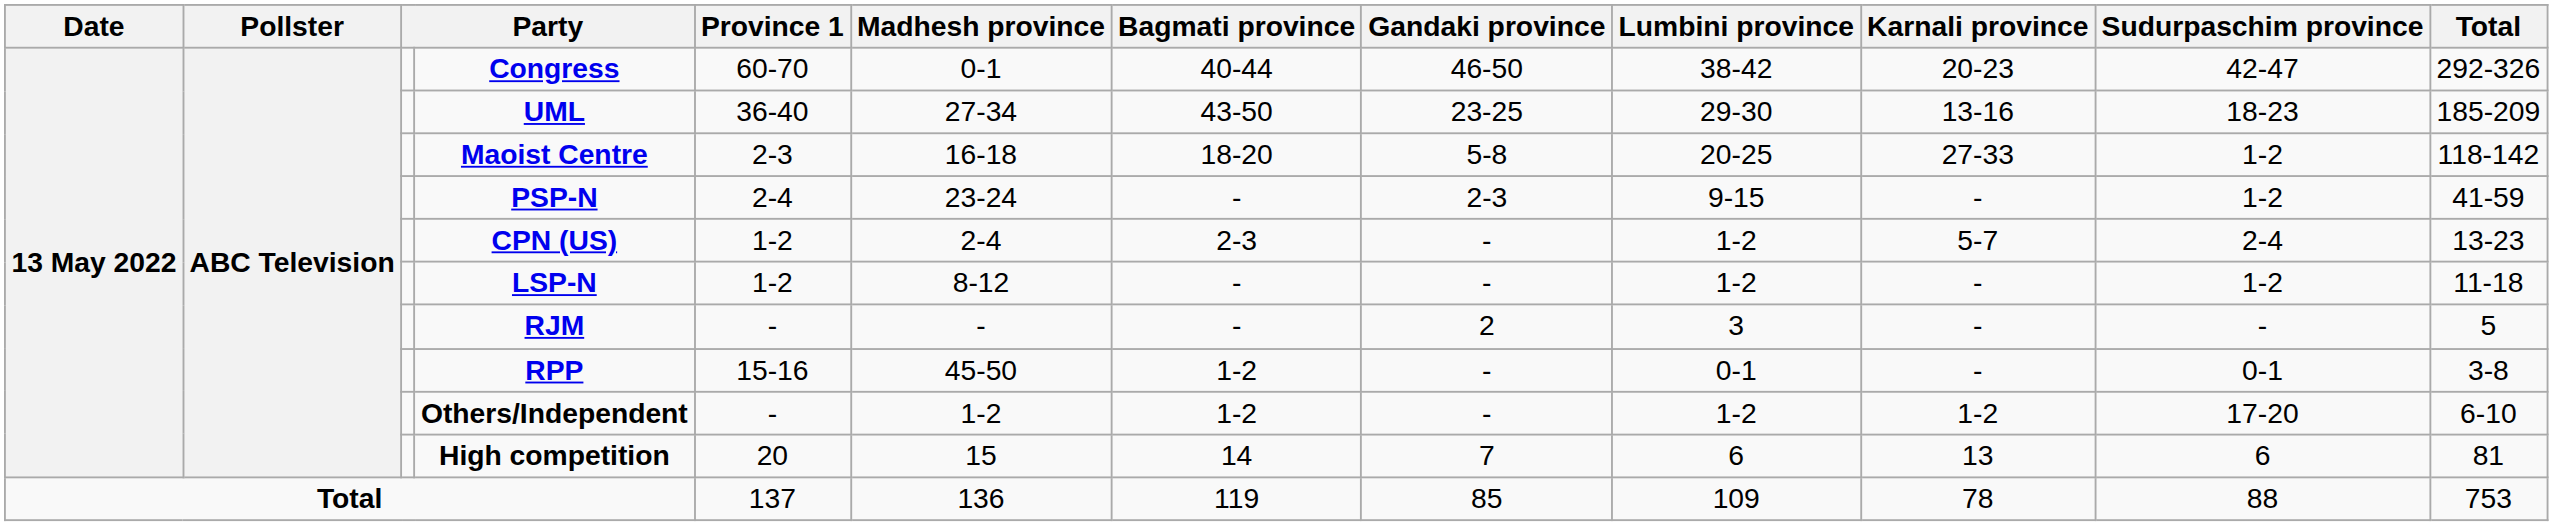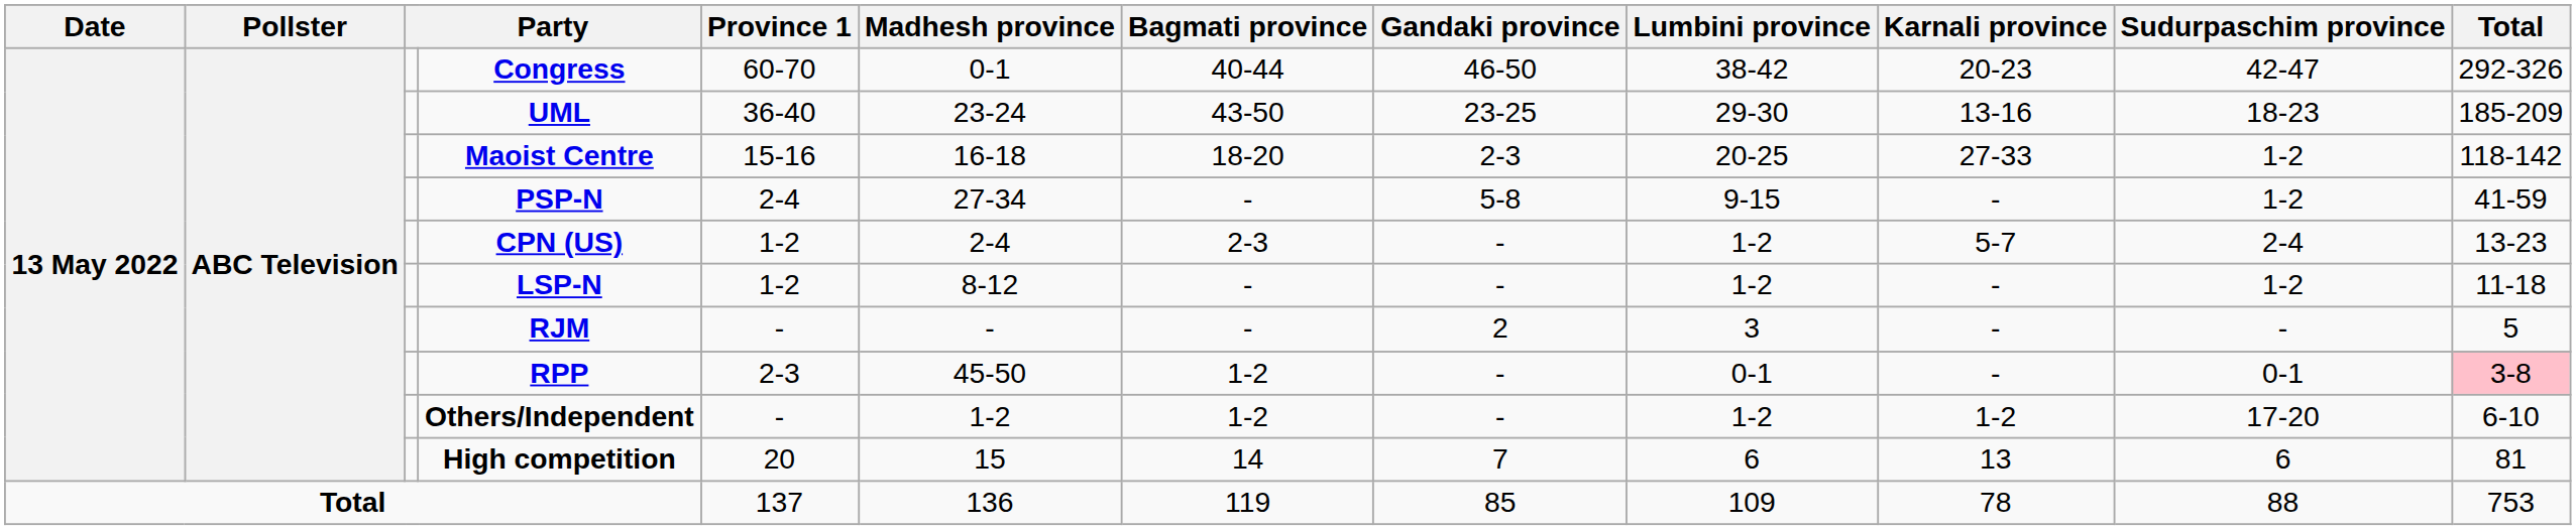 <table class="wikitable sortable" style="text-align:center;font-size:95%;line-height:16px">
 <tr>
 <th>Date</th>
 <th>Pollster</th>
 <th colspan="2">Party</th>
 <th>Province 1</th>
 <th>Madhesh province</th>
 <th>Bagmati province</th>
 <th>Gandaki province</th>
 <th>Lumbini province</th>
 <th>Karnali province</th>
 <th>Sudurpaschim province</th>
 <th>Total</th>
 </tr>
 <tr>
 <th rowspan="10">13 May 2022</th>
 <th rowspan="10">ABC Television</th>
 <td style="background-color:"></td>
 <td><strong><a href='#'>Congress</a></strong></td>
 <td>60-70</td>
 <td>0-1</td>
 <td>40-44</td>
 <td>46-50</td>
 <td>38-42</td>
 <td>20-23</td>
 <td>42-47</td>
 <td>292-326</td>
 </tr>
 <tr>
 <td style="background-color:"></td>
 <td><strong><a href='#'>UML</a></strong></td>
 <td>36-40</td>
-<td>27-34</td>
+<td>23-24</td>
 <td>43-50</td>
 <td>23-25</td>
 <td>29-30</td>
 <td>13-16</td>
 <td>18-23</td>
 <td>185-209</td>
 </tr>
 <tr>
 <td style="background-color:"></td>
 <td><a href='#'><strong>Maoist Centre</strong></a></td>
-<td>2-3</td>
+<td>15-16</td>
 <td>16-18</td>
 <td>18-20</td>
-<td>5-8</td>
+<td>2-3</td>
 <td>20-25</td>
 <td>27-33</td>
 <td>1-2</td>
 <td>118-142</td>
 </tr>
 <tr>
 <td style="background-color:"></td>
 <td><a href='#'><strong>PSP-N</strong></a></td>
 <td>2-4</td>
-<td>23-24</td>
+<td>27-34</td>
 <td>-</td>
-<td>2-3</td>
+<td>5-8</td>
 <td>9-15</td>
 <td>-</td>
 <td>1-2</td>
 <td>41-59</td>
 </tr>
 <tr>
 <td style="background-color:"></td>
 <td><a href='#'><strong>CPN (US)</strong></a></td>
 <td>1-2</td>
 <td>2-4</td>
 <td>2-3</td>
 <td>-</td>
 <td>1-2</td>
 <td>5-7</td>
 <td>2-4</td>
 <td>13-23</td>
 </tr>
 <tr>
 <td style="background-color:"></td>
 <td><a href='#'><strong>LSP-N</strong></a></td>
 <td>1-2</td>
 <td>8-12</td>
 <td>-</td>
 <td>-</td>
 <td>1-2</td>
 <td>-</td>
 <td>1-2</td>
 <td>11-18</td>
 </tr>
 <tr>
 <td style="background-color:"></td>
 <td><strong><a href='#'>RJM</a></strong></td>
 <td>-</td>
 <td>-</td>
 <td>-</td>
 <td>2</td>
 <td>3</td>
 <td>-</td>
 <td>-</td>
 <td>5</td>
 </tr>
 <tr>
 <td style="background-color:"></td>
 <td><a href='#'><strong>RPP</strong></a></td>
-<td>15-16</td>
+<td>2-3</td>
 <td>45-50</td>
 <td>1-2</td>
 <td>-</td>
 <td>0-1</td>
 <td>-</td>
 <td>0-1</td>
-<td>3-8</td>
+<td style="background: pink;">3-8</td>
 </tr>
 <tr>
 <td style="background-color:"></td>
 <td><strong>Others/Independent</strong></td>
 <td>-</td>
 <td>1-2</td>
 <td>1-2</td>
 <td>-</td>
 <td>1-2</td>
 <td>1-2</td>
 <td>17-20</td>
 <td>6-10</td>
 </tr>
 <tr>
 <td style="background-color:"></td>
 <td><strong>High competition</strong></td>
 <td>20</td>
 <td>15</td>
 <td>14</td>
 <td>7</td>
 <td>6</td>
 <td>13</td>
 <td>6</td>
 <td>81</td>
 </tr>
 <tr>
 <td colspan="4"><strong>Total</strong></td>
 <td>137</td>
 <td>136</td>
 <td>119</td>
 <td>85</td>
 <td>109</td>
 <td>78</td>
 <td>88</td>
 <td>753</td>
 </tr>
 </table>
